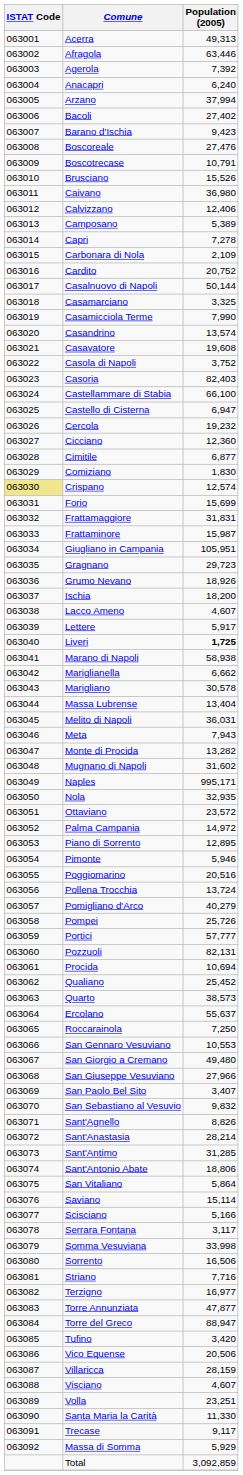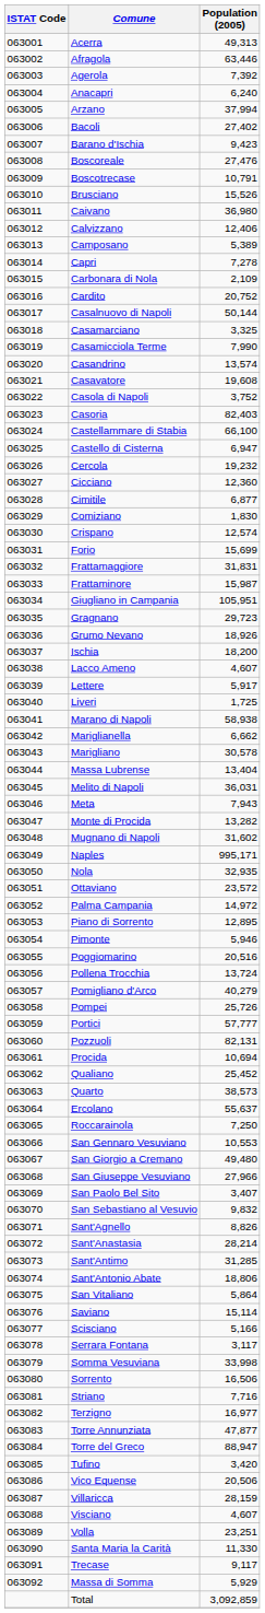 <table class="wikitable sortable">
 <tr>
 <th><a href='#'>ISTAT</a> Code</th>
 <th><em><a href='#'>Comune</a></em></th>
 <th>Population <br>(2005)</th>
 </tr>
 <tr>
 <td>063001</td>
 <td><a href='#'>Acerra</a></td>
 <td align="right">49,313</td>
 </tr>
 <tr>
 <td>063002</td>
 <td><a href='#'>Afragola</a></td>
 <td align="right">63,446</td>
 </tr>
 <tr>
 <td>063003</td>
 <td><a href='#'>Agerola</a></td>
 <td align="right">7,392</td>
 </tr>
 <tr>
 <td>063004</td>
 <td><a href='#'>Anacapri</a></td>
 <td align="right">6,240</td>
 </tr>
 <tr>
 <td>063005</td>
 <td><a href='#'>Arzano</a></td>
 <td align="right">37,994</td>
 </tr>
 <tr>
 <td>063006</td>
 <td><a href='#'>Bacoli</a></td>
 <td align="right">27,402</td>
 </tr>
 <tr>
 <td>063007</td>
 <td><a href='#'>Barano d'Ischia</a></td>
 <td align="right">9,423</td>
 </tr>
 <tr>
 <td>063008</td>
 <td><a href='#'>Boscoreale</a></td>
 <td align="right">27,476</td>
 </tr>
 <tr>
 <td>063009</td>
 <td><a href='#'>Boscotrecase</a></td>
 <td align="right">10,791</td>
 </tr>
 <tr>
 <td>063010</td>
 <td><a href='#'>Brusciano</a></td>
 <td align="right">15,526</td>
 </tr>
 <tr>
 <td>063011</td>
 <td><a href='#'>Caivano</a></td>
 <td align="right">36,980</td>
 </tr>
 <tr>
 <td>063012</td>
 <td><a href='#'>Calvizzano</a></td>
 <td align="right">12,406</td>
 </tr>
 <tr>
 <td>063013</td>
 <td><a href='#'>Camposano</a></td>
 <td align="right">5,389</td>
 </tr>
 <tr>
 <td>063014</td>
 <td><a href='#'>Capri</a></td>
 <td align="right">7,278</td>
 </tr>
 <tr>
 <td>063015</td>
 <td><a href='#'>Carbonara di Nola</a></td>
 <td align="right">2,109</td>
 </tr>
 <tr>
 <td>063016</td>
 <td><a href='#'>Cardito</a></td>
 <td align="right">20,752</td>
 </tr>
 <tr>
 <td>063017</td>
 <td><a href='#'>Casalnuovo di Napoli</a></td>
 <td align="right">50,144</td>
 </tr>
 <tr>
 <td>063018</td>
 <td><a href='#'>Casamarciano</a></td>
 <td align="right">3,325</td>
 </tr>
 <tr>
 <td>063019</td>
 <td><a href='#'>Casamicciola Terme</a></td>
 <td align="right">7,990</td>
 </tr>
 <tr>
 <td>063020</td>
 <td><a href='#'>Casandrino</a></td>
 <td align="right">13,574</td>
 </tr>
 <tr>
 <td>063021</td>
 <td><a href='#'>Casavatore</a></td>
 <td align="right">19,608</td>
 </tr>
 <tr>
 <td>063022</td>
 <td><a href='#'>Casola di Napoli</a></td>
 <td align="right">3,752</td>
 </tr>
 <tr>
 <td>063023</td>
 <td><a href='#'>Casoria</a></td>
 <td align="right">82,403</td>
 </tr>
 <tr>
 <td>063024</td>
 <td><a href='#'>Castellammare di Stabia</a></td>
 <td align="right">66,100</td>
 </tr>
 <tr>
 <td>063025</td>
 <td><a href='#'>Castello di Cisterna</a></td>
 <td align="right">6,947</td>
 </tr>
 <tr>
 <td>063026</td>
 <td><a href='#'>Cercola</a></td>
 <td align="right">19,232</td>
 </tr>
 <tr>
 <td>063027</td>
 <td><a href='#'>Cicciano</a></td>
 <td align="right">12,360</td>
 </tr>
 <tr>
 <td>063028</td>
 <td><a href='#'>Cimitile</a></td>
 <td align="right">6,877</td>
 </tr>
 <tr>
 <td>063029</td>
 <td><a href='#'>Comiziano</a></td>
 <td align="right">1,830</td>
 </tr>
 <tr>
-<td style="background: khaki;">063030</td>
+<td>063030</td>
 <td><a href='#'>Crispano</a></td>
 <td align="right">12,574</td>
 </tr>
 <tr>
 <td>063031</td>
 <td><a href='#'>Forio</a></td>
 <td align="right">15,699</td>
 </tr>
 <tr>
 <td>063032</td>
 <td><a href='#'>Frattamaggiore</a></td>
 <td align="right">31,831</td>
 </tr>
 <tr>
 <td>063033</td>
 <td><a href='#'>Frattaminore</a></td>
 <td align="right">15,987</td>
 </tr>
 <tr>
 <td>063034</td>
 <td><a href='#'>Giugliano in Campania</a></td>
 <td align="right">105,951</td>
 </tr>
 <tr>
 <td>063035</td>
 <td><a href='#'>Gragnano</a></td>
 <td align="right">29,723</td>
 </tr>
 <tr>
 <td>063036</td>
 <td><a href='#'>Grumo Nevano</a></td>
 <td align="right">18,926</td>
 </tr>
 <tr>
 <td>063037</td>
 <td><a href='#'>Ischia</a></td>
 <td align="right">18,200</td>
 </tr>
 <tr>
 <td>063038</td>
 <td><a href='#'>Lacco Ameno</a></td>
 <td align="right">4,607</td>
 </tr>
 <tr>
 <td>063039</td>
 <td><a href='#'>Lettere</a></td>
 <td align="right">5,917</td>
 </tr>
 <tr>
 <td>063040</td>
 <td><a href='#'>Liveri</a></td>
-<td align="right"><strong>1,725</strong></td>
+<td align="right">1,725</td>
 </tr>
 <tr>
 <td>063041</td>
 <td><a href='#'>Marano di Napoli</a></td>
 <td align="right">58,938</td>
 </tr>
 <tr>
 <td>063042</td>
 <td><a href='#'>Mariglianella</a></td>
 <td align="right">6,662</td>
 </tr>
 <tr>
 <td>063043</td>
 <td><a href='#'>Marigliano</a></td>
 <td align="right">30,578</td>
 </tr>
 <tr>
 <td>063044</td>
 <td><a href='#'>Massa Lubrense</a></td>
 <td align="right">13,404</td>
 </tr>
 <tr>
 <td>063045</td>
 <td><a href='#'>Melito di Napoli</a></td>
 <td align="right">36,031</td>
 </tr>
 <tr>
 <td>063046</td>
 <td><a href='#'>Meta</a></td>
 <td align="right">7,943</td>
 </tr>
 <tr>
 <td>063047</td>
 <td><a href='#'>Monte di Procida</a></td>
 <td align="right">13,282</td>
 </tr>
 <tr>
 <td>063048</td>
 <td><a href='#'>Mugnano di Napoli</a></td>
 <td align="right">31,602</td>
 </tr>
 <tr>
 <td>063049</td>
 <td><a href='#'>Naples</a></td>
 <td align="right">995,171</td>
 </tr>
 <tr>
 <td>063050</td>
 <td><a href='#'>Nola</a></td>
 <td align="right">32,935</td>
 </tr>
 <tr>
 <td>063051</td>
 <td><a href='#'>Ottaviano</a></td>
 <td align="right">23,572</td>
 </tr>
 <tr>
 <td>063052</td>
 <td><a href='#'>Palma Campania</a></td>
 <td align="right">14,972</td>
 </tr>
 <tr>
 <td>063053</td>
 <td><a href='#'>Piano di Sorrento</a></td>
 <td align="right">12,895</td>
 </tr>
 <tr>
 <td>063054</td>
 <td><a href='#'>Pimonte</a></td>
 <td align="right">5,946</td>
 </tr>
 <tr>
 <td>063055</td>
 <td><a href='#'>Poggiomarino</a></td>
 <td align="right">20,516</td>
 </tr>
 <tr>
 <td>063056</td>
 <td><a href='#'>Pollena Trocchia</a></td>
 <td align="right">13,724</td>
 </tr>
 <tr>
 <td>063057</td>
 <td><a href='#'>Pomigliano d'Arco</a></td>
 <td align="right">40,279</td>
 </tr>
 <tr>
 <td>063058</td>
 <td><a href='#'>Pompei</a></td>
 <td align="right">25,726</td>
 </tr>
 <tr>
 <td>063059</td>
 <td><a href='#'>Portici</a></td>
 <td align="right">57,777</td>
 </tr>
 <tr>
 <td>063060</td>
 <td><a href='#'>Pozzuoli</a></td>
 <td align="right">82,131</td>
 </tr>
 <tr>
 <td>063061</td>
 <td><a href='#'>Procida</a></td>
 <td align="right">10,694</td>
 </tr>
 <tr>
 <td>063062</td>
 <td><a href='#'>Qualiano</a></td>
 <td align="right">25,452</td>
 </tr>
 <tr>
 <td>063063</td>
 <td><a href='#'>Quarto</a></td>
 <td align="right">38,573</td>
 </tr>
 <tr>
 <td>063064</td>
 <td><a href='#'>Ercolano</a></td>
 <td align="right">55,637</td>
 </tr>
 <tr>
 <td>063065</td>
 <td><a href='#'>Roccarainola</a></td>
 <td align="right">7,250</td>
 </tr>
 <tr>
 <td>063066</td>
 <td><a href='#'>San Gennaro Vesuviano</a></td>
 <td align="right">10,553</td>
 </tr>
 <tr>
 <td>063067</td>
 <td><a href='#'>San Giorgio a Cremano</a></td>
 <td align="right">49,480</td>
 </tr>
 <tr>
 <td>063068</td>
 <td><a href='#'>San Giuseppe Vesuviano</a></td>
 <td align="right">27,966</td>
 </tr>
 <tr>
 <td>063069</td>
 <td><a href='#'>San Paolo Bel Sito</a></td>
 <td align="right">3,407</td>
 </tr>
 <tr>
 <td>063070</td>
 <td><a href='#'>San Sebastiano al Vesuvio</a></td>
 <td align="right">9,832</td>
 </tr>
 <tr>
 <td>063071</td>
 <td><a href='#'>Sant'Agnello</a></td>
 <td align="right">8,826</td>
 </tr>
 <tr>
 <td>063072</td>
 <td><a href='#'>Sant'Anastasia</a></td>
 <td align="right">28,214</td>
 </tr>
 <tr>
 <td>063073</td>
 <td><a href='#'>Sant'Antimo</a></td>
 <td align="right">31,285</td>
 </tr>
 <tr>
 <td>063074</td>
 <td><a href='#'>Sant'Antonio Abate</a></td>
 <td align="right">18,806</td>
 </tr>
 <tr>
 <td>063075</td>
 <td><a href='#'>San Vitaliano</a></td>
 <td align="right">5,864</td>
 </tr>
 <tr>
 <td>063076</td>
 <td><a href='#'>Saviano</a></td>
 <td align="right">15,114</td>
 </tr>
 <tr>
 <td>063077</td>
 <td><a href='#'>Scisciano</a></td>
 <td align="right">5,166</td>
 </tr>
 <tr>
 <td>063078</td>
 <td><a href='#'>Serrara Fontana</a></td>
 <td align="right">3,117</td>
 </tr>
 <tr>
 <td>063079</td>
 <td><a href='#'>Somma Vesuviana</a></td>
 <td align="right">33,998</td>
 </tr>
 <tr>
 <td>063080</td>
 <td><a href='#'>Sorrento</a></td>
 <td align="right">16,506</td>
 </tr>
 <tr>
 <td>063081</td>
 <td><a href='#'>Striano</a></td>
 <td align="right">7,716</td>
 </tr>
 <tr>
 <td>063082</td>
 <td><a href='#'>Terzigno</a></td>
 <td align="right">16,977</td>
 </tr>
 <tr>
 <td>063083</td>
 <td><a href='#'>Torre Annunziata</a></td>
 <td align="right">47,877</td>
 </tr>
 <tr>
 <td>063084</td>
 <td><a href='#'>Torre del Greco</a></td>
 <td align="right">88,947</td>
 </tr>
 <tr>
 <td>063085</td>
 <td><a href='#'>Tufino</a></td>
 <td align="right">3,420</td>
 </tr>
 <tr>
 <td>063086</td>
 <td><a href='#'>Vico Equense</a></td>
 <td align="right">20,506</td>
 </tr>
 <tr>
 <td>063087</td>
 <td><a href='#'>Villaricca</a></td>
 <td align="right">28,159</td>
 </tr>
 <tr>
 <td>063088</td>
 <td><a href='#'>Visciano</a></td>
 <td align="right">4,607</td>
 </tr>
 <tr>
 <td>063089</td>
 <td><a href='#'>Volla</a></td>
 <td align="right">23,251</td>
 </tr>
 <tr>
 <td>063090</td>
 <td><a href='#'>Santa Maria la Carità</a></td>
 <td align="right">11,330</td>
 </tr>
 <tr>
 <td>063091</td>
 <td><a href='#'>Trecase</a></td>
 <td align="right">9,117</td>
 </tr>
 <tr>
 <td>063092</td>
 <td><a href='#'>Massa di Somma</a></td>
 <td align="right">5,929</td>
 </tr>
 <tr>
 <td></td>
 <td>Total</td>
 <td align="right">3,092,859</td>
 </tr>
 <tr>
 </tr>
 </table>
